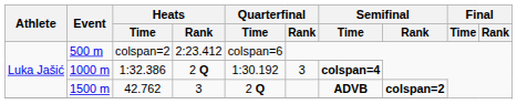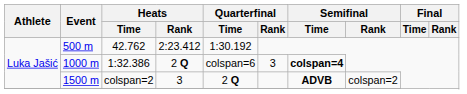 <table class="wikitable" style="font-size:90%">
 <tr>
 <th rowspan=2>Athlete</th>
 <th rowspan=2>Event</th>
 <th colspan=2>Heats</th>
 <th colspan=2>Quarterfinal</th>
 <th colspan=2>Semifinal</th>
 <th colspan=2>Final</th>
 </tr>
 <tr style="font-size:95%">
 <th>Time</th>
 <th>Rank</th>
 <th>Time</th>
 <th>Rank</th>
 <th>Time</th>
 <th>Rank</th>
 <th>Time</th>
 <th>Rank</th>
 </tr>
 <tr align=center>
 <td align=left rowspan=3><a href='#'>Luka Jašić</a></td>
 <td align=left><a href='#'>500 m</a></td>
-<td>colspan=2</td>
+<td>42.762</td>
 <td>2:23.412</td>
-<td>colspan=6 </td>
+<td>1:30.192</td>
 </tr>
 <tr align=center>
 <td align=left><a href='#'>1000 m</a></td>
 <td>1:32.386</td>
 <td>2 <strong>Q</strong></td>
-<td>1:30.192</td>
+<td>colspan=6 </td>
 <td>3</td>
 <td><strong>colspan=4 </strong></td>
 </tr>
 <tr align=center>
 <td align=left><a href='#'>1500 m</a></td>
-<td>42.762</td>
+<td>colspan=2</td>
 <td>3</td>
 <td>2 <strong>Q</strong></td>
 <td></td>
 <td><strong>ADVB</strong></td>
-<td><strong>colspan=2</strong></td>
+<td>colspan=2</td>
 </tr>
 <tr align=center>
 </tr>
 </table>
